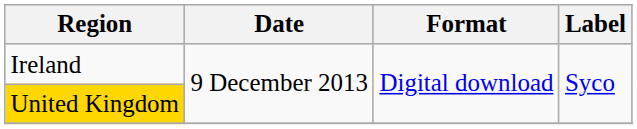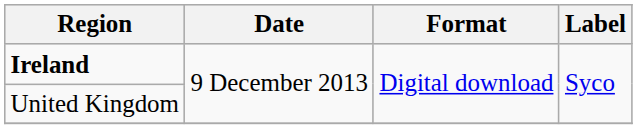 <table class=wikitable>
 <tr>
 <th>Region</th>
 <th>Date</th>
 <th>Format</th>
 <th>Label</th>
 </tr>
 <tr>
-<td>Ireland</td>
+<td><strong>Ireland</strong></td>
 <td rowspan="2">9 December 2013</td>
 <td rowspan="2"><a href='#'>Digital download</a></td>
 <td rowspan="2"><a href='#'>Syco</a></td>
 </tr>
 <tr>
-<td style="background: gold;">United Kingdom</td>
+<td>United Kingdom</td>
 </tr>
 <tr>
 </tr>
 </table>
